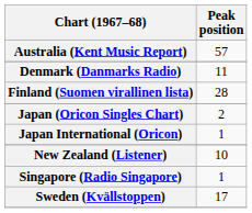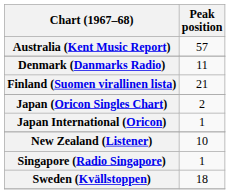 <table class="wikitable sortable plainrowheaders" style="text-align:center">
 <tr>
 <th>Chart (1967–68)</th>
 <th>Peak<br>position</th>
 </tr>
 <tr>
 <th scope="row">Australia (<a href='#'>Kent Music Report</a>)</th>
 <td>57</td>
 </tr>
 <tr>
 </tr>
 <tr>
 </tr>
 <tr>
 </tr>
 <tr>
 <th scope="row">Denmark (<a href='#'>Danmarks Radio</a>)</th>
 <td>11</td>
 </tr>
 <tr>
 <th scope="row">Finland (<a href='#'>Suomen virallinen lista</a>)</th>
-<td>28</td>
+<td>21</td>
 </tr>
 <tr>
 </tr>
 <tr>
 </tr>
 <tr>
 <th scope="row">Japan (<a href='#'>Oricon Singles Chart</a>)</th>
 <td>2</td>
 </tr>
 <tr>
 <th scope="row">Japan International (<a href='#'>Oricon</a>)</th>
 <td>1</td>
 </tr>
 <tr>
 </tr>
 <tr>
 </tr>
 <tr>
 <th scope="row">New Zealand (<a href='#'>Listener</a>)</th>
 <td>10</td>
 </tr>
 <tr>
 <th scope="row">Singapore (<a href='#'>Radio Singapore</a>)</th>
 <td>1</td>
 </tr>
 <tr>
 <th scope="row">Sweden (<a href='#'>Kvällstoppen</a>)</th>
-<td>17</td>
+<td>18</td>
 </tr>
 <tr>
 </tr>
 </table>
